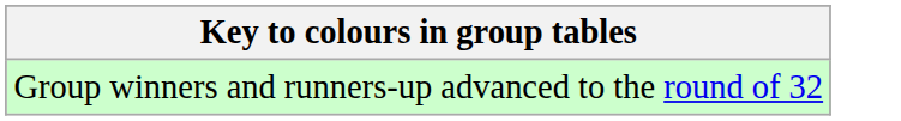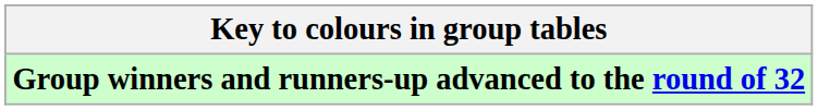 <table class="wikitable">
 <tr>
 <th>Key to colours in group tables</th>
 </tr>
 <tr bgcolor="#ccffcc">
-<td>Group winners and runners-up advanced to the <a href='#'>round of 32</a></td>
+<td><strong>Group winners and runners-up advanced to the <a href='#'>round of 32</a></strong></td>
 </tr>
 </table>
